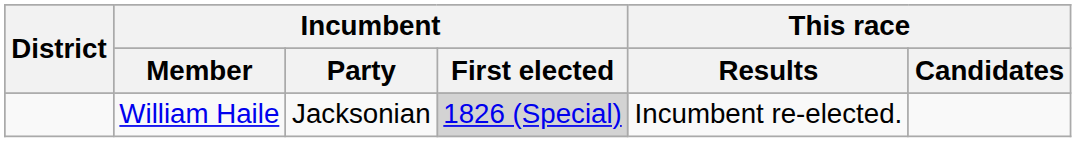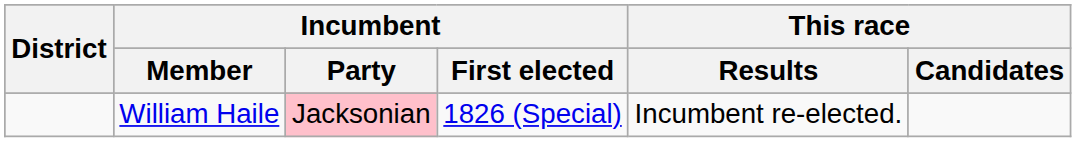 <table class=wikitable>
 <tr>
 <th rowspan=2>District</th>
 <th colspan=3>Incumbent</th>
 <th colspan=2>This race</th>
 </tr>
 <tr>
 <th>Member</th>
 <th>Party</th>
 <th>First elected</th>
 <th>Results</th>
 <th>Candidates</th>
 </tr>
 <tr>
 <td></td>
 <td><a href='#'>William Haile</a></td>
-<td>Jacksonian</td>
-<td style="background: lightgrey;"><a href='#'>1826 (Special)</a></td>
+<td style="background: pink;">Jacksonian</td>
+<td><a href='#'>1826 (Special)</a></td>
 <td>Incumbent re-elected.</td>
 <td nowrap></td>
 </tr>
 </table>
